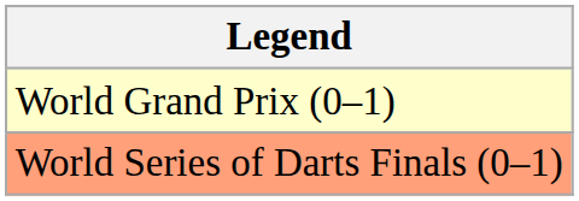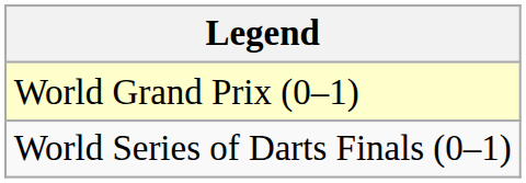 <table class="wikitable">
 <tr>
 <th>Legend</th>
 </tr>
 <tr style="background:#FFFFCC;">
 <td>World Grand Prix (0–1)</td>
 </tr>
 <tr>
-<td style="background: lightsalmon;">World Series of Darts Finals (0–1)</td>
+<td>World Series of Darts Finals (0–1)</td>
 </tr>
 </table>
